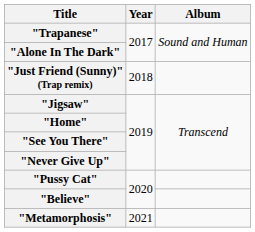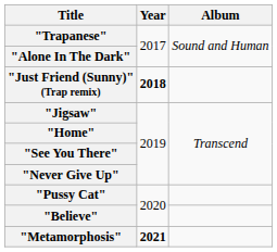 <table class="wikitable plainrowheaders" style="text-align:center;">
 <tr>
 <th scope="col">Title</th>
 <th scope="col">Year</th>
 <th scope="col">Album</th>
 </tr>
 <tr>
 <th scope="row">"Trapanese"</th>
 <td rowspan="2">2017</td>
 <td rowspan="2"><em>Sound and Human</em></td>
 </tr>
 <tr>
 <th scope="row">"Alone In The Dark"</th>
 </tr>
 <tr>
 <th scope="row">"Just Friend (Sunny)"<br><small>(Trap remix)</small></th>
-<td>2018</td>
+<td><strong>2018</strong></td>
 <td></td>
 </tr>
 <tr>
 <th scope="row">"Jigsaw"</th>
 <td rowspan="4">2019</td>
 <td rowspan="4"><em>Transcend</em></td>
 </tr>
 <tr>
 <th scope="row">"Home"</th>
 </tr>
 <tr>
 <th scope="row">"See You There"</th>
 </tr>
 <tr>
 <th scope="row">"Never Give Up"</th>
 </tr>
 <tr>
 <th scope="row">"Pussy Cat"</th>
 <td rowspan="2">2020</td>
 <td></td>
 </tr>
 <tr>
 <th scope="row">"Believe"</th>
 <td></td>
 </tr>
 <tr>
 <th scope="row">"Metamorphosis"</th>
-<td>2021</td>
+<td><strong>2021</strong></td>
 <td></td>
 </tr>
 </table>
